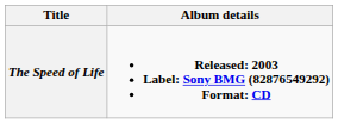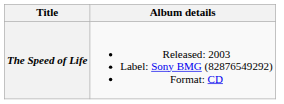 <table class="wikitable plainrowheaders" style="text-align:center;">
 <tr>
 <th scope="col" rowspan="1">Title</th>
 <th scope="col" rowspan="1">Album details</th>
 </tr>
 <tr>
 <th scope="row"><em>The Speed of Life</em></th>
-<td><strong><br><ul><li>Released: 2003</li><li>Label: <a href='#'>Sony BMG</a> (82876549292)</li><li>Format: <a href='#'>CD</a></li></ul></strong></td>
+<td><br><ul><li>Released: 2003</li><li>Label: <a href='#'>Sony BMG</a> (82876549292)</li><li>Format: <a href='#'>CD</a></li></ul></td>
 </tr>
 </table>
